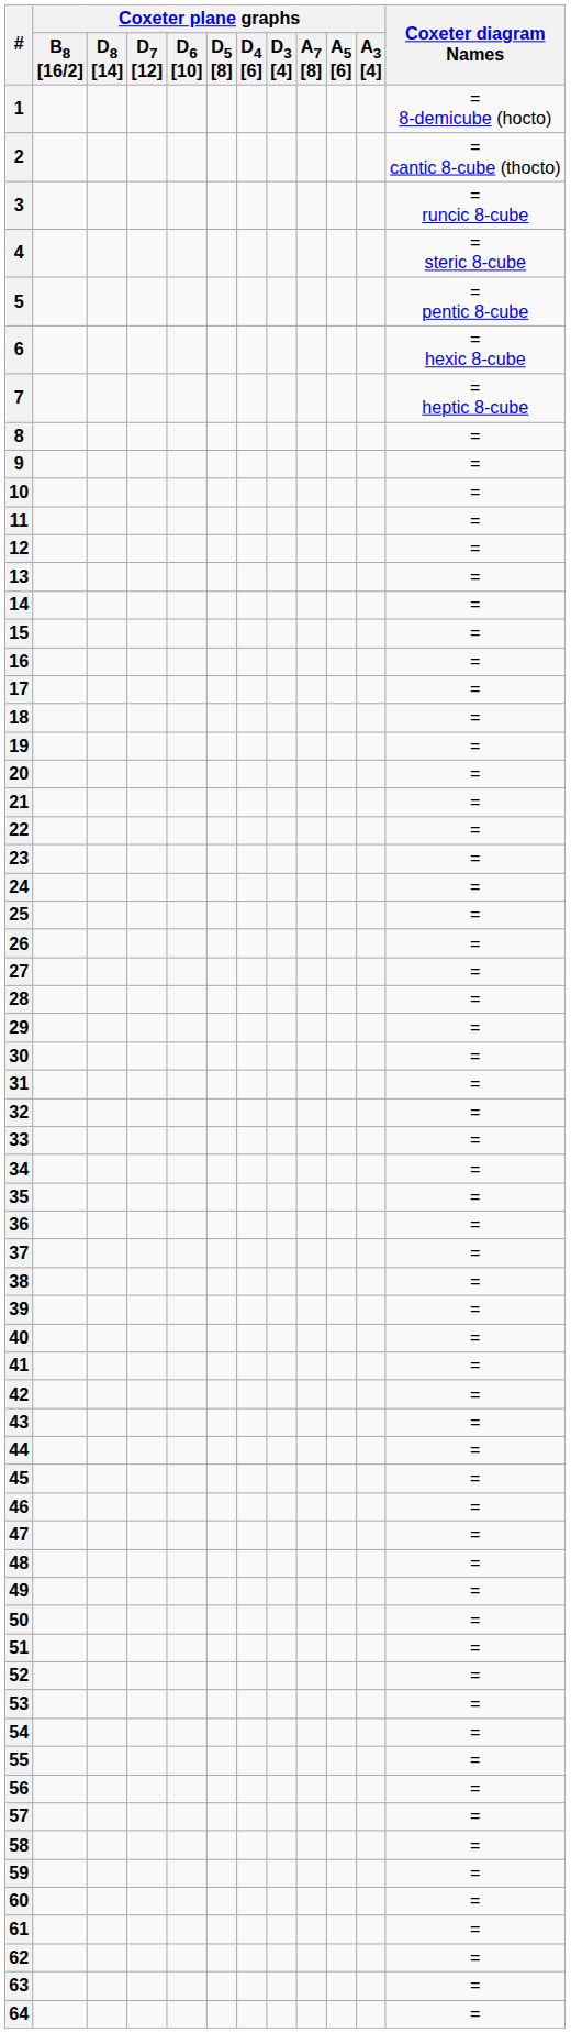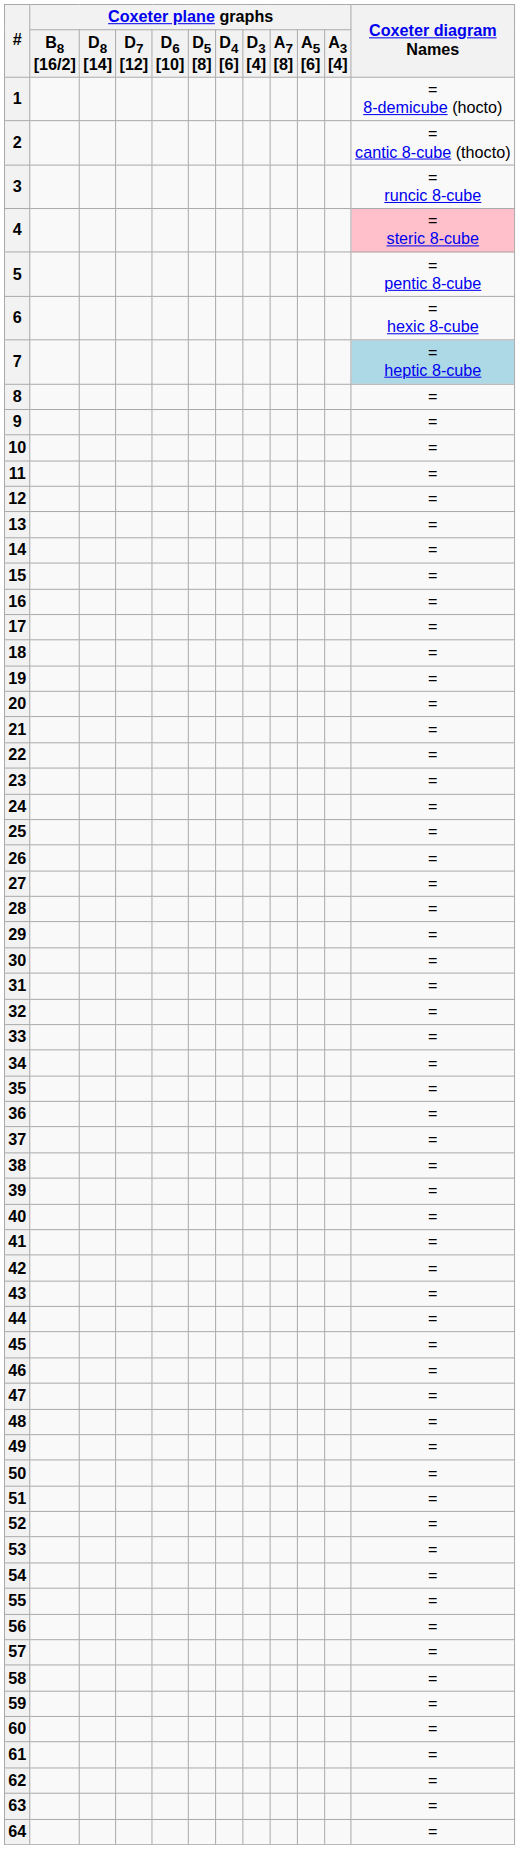 <table class="wikitable">
 <tr>
 <th rowspan=2>#</th>
 <th colspan=10><a href='#'>Coxeter plane</a> graphs</th>
 <th rowspan=2><a href='#'>Coxeter diagram</a><br>Names</th>
 </tr>
 <tr>
 <th>B<sub>8</sub><br>[16/2]</th>
 <th>D<sub>8</sub><br>[14]</th>
 <th>D<sub>7</sub><br>[12]</th>
 <th>D<sub>6</sub><br>[10]</th>
 <th>D<sub>5</sub><br>[8]</th>
 <th>D<sub>4</sub><br>[6]</th>
 <th>D<sub>3</sub><br>[4]</th>
 <th>A<sub>7</sub><br>[8]</th>
 <th>A<sub>5</sub><br>[6]</th>
 <th>A<sub>3</sub><br>[4]</th>
 </tr>
 <tr align=center>
 <th>1</th>
 <td></td>
 <td></td>
 <td></td>
 <td></td>
 <td></td>
 <td></td>
 <td></td>
 <td></td>
 <td></td>
 <td></td>
 <td> = <br><a href='#'>8-demicube</a> (hocto)</td>
 </tr>
 <tr align=center>
 <th>2</th>
 <td></td>
 <td></td>
 <td></td>
 <td></td>
 <td></td>
 <td></td>
 <td></td>
 <td></td>
 <td></td>
 <td></td>
 <td> = <br><a href='#'>cantic 8-cube</a> (thocto)</td>
 </tr>
 <tr align=center>
 <th>3</th>
 <td></td>
 <td></td>
 <td></td>
 <td></td>
 <td></td>
 <td></td>
 <td></td>
 <td></td>
 <td></td>
 <td></td>
 <td> = <br><a href='#'>runcic 8-cube</a></td>
 </tr>
 <tr align=center>
 <th>4</th>
 <td></td>
 <td></td>
 <td></td>
 <td></td>
 <td></td>
 <td></td>
 <td></td>
 <td></td>
 <td></td>
 <td></td>
-<td> = <br><a href='#'>steric 8-cube</a></td>
+<td style="background: pink;"> = <br><a href='#'>steric 8-cube</a></td>
 </tr>
 <tr align=center>
 <th>5</th>
 <td></td>
 <td></td>
 <td></td>
 <td></td>
 <td></td>
 <td></td>
 <td></td>
 <td></td>
 <td></td>
 <td></td>
 <td> = <br><a href='#'>pentic 8-cube</a></td>
 </tr>
 <tr align=center>
 <th>6</th>
 <td></td>
 <td></td>
 <td></td>
 <td></td>
 <td></td>
 <td></td>
 <td></td>
 <td></td>
 <td></td>
 <td></td>
 <td> = <br><a href='#'>hexic 8-cube</a></td>
 </tr>
 <tr align=center>
 <th>7</th>
 <td></td>
 <td></td>
 <td></td>
 <td></td>
 <td></td>
 <td></td>
 <td></td>
 <td></td>
 <td></td>
 <td></td>
-<td> = <br><a href='#'>heptic 8-cube</a></td>
+<td style="background: lightblue;"> = <br><a href='#'>heptic 8-cube</a></td>
 </tr>
 <tr align=center>
 <th>8</th>
 <td></td>
 <td></td>
 <td></td>
 <td></td>
 <td></td>
 <td></td>
 <td></td>
 <td></td>
 <td></td>
 <td></td>
 <td> = </td>
 </tr>
 <tr align=center>
 <th>9</th>
 <td></td>
 <td></td>
 <td></td>
 <td></td>
 <td></td>
 <td></td>
 <td></td>
 <td></td>
 <td></td>
 <td></td>
 <td> = </td>
 </tr>
 <tr align=center>
 <th>10</th>
 <td></td>
 <td></td>
 <td></td>
 <td></td>
 <td></td>
 <td></td>
 <td></td>
 <td></td>
 <td></td>
 <td></td>
 <td> = </td>
 </tr>
 <tr align=center>
 <th>11</th>
 <td></td>
 <td></td>
 <td></td>
 <td></td>
 <td></td>
 <td></td>
 <td></td>
 <td></td>
 <td></td>
 <td></td>
 <td> = </td>
 </tr>
 <tr align=center>
 <th>12</th>
 <td></td>
 <td></td>
 <td></td>
 <td></td>
 <td></td>
 <td></td>
 <td></td>
 <td></td>
 <td></td>
 <td></td>
 <td> = </td>
 </tr>
 <tr align=center>
 <th>13</th>
 <td></td>
 <td></td>
 <td></td>
 <td></td>
 <td></td>
 <td></td>
 <td></td>
 <td></td>
 <td></td>
 <td></td>
 <td> = </td>
 </tr>
 <tr align=center>
 <th>14</th>
 <td></td>
 <td></td>
 <td></td>
 <td></td>
 <td></td>
 <td></td>
 <td></td>
 <td></td>
 <td></td>
 <td></td>
 <td> = </td>
 </tr>
 <tr align=center>
 <th>15</th>
 <td></td>
 <td></td>
 <td></td>
 <td></td>
 <td></td>
 <td></td>
 <td></td>
 <td></td>
 <td></td>
 <td></td>
 <td> = </td>
 </tr>
 <tr align=center>
 <th>16</th>
 <td></td>
 <td></td>
 <td></td>
 <td></td>
 <td></td>
 <td></td>
 <td></td>
 <td></td>
 <td></td>
 <td></td>
 <td> = </td>
 </tr>
 <tr align=center>
 <th>17</th>
 <td></td>
 <td></td>
 <td></td>
 <td></td>
 <td></td>
 <td></td>
 <td></td>
 <td></td>
 <td></td>
 <td></td>
 <td> = </td>
 </tr>
 <tr align=center>
 <th>18</th>
 <td></td>
 <td></td>
 <td></td>
 <td></td>
 <td></td>
 <td></td>
 <td></td>
 <td></td>
 <td></td>
 <td></td>
 <td> = </td>
 </tr>
 <tr align=center>
 <th>19</th>
 <td></td>
 <td></td>
 <td></td>
 <td></td>
 <td></td>
 <td></td>
 <td></td>
 <td></td>
 <td></td>
 <td></td>
 <td> = </td>
 </tr>
 <tr align=center>
 <th>20</th>
 <td></td>
 <td></td>
 <td></td>
 <td></td>
 <td></td>
 <td></td>
 <td></td>
 <td></td>
 <td></td>
 <td></td>
 <td> = </td>
 </tr>
 <tr align=center>
 <th>21</th>
 <td></td>
 <td></td>
 <td></td>
 <td></td>
 <td></td>
 <td></td>
 <td></td>
 <td></td>
 <td></td>
 <td></td>
 <td> = </td>
 </tr>
 <tr align=center>
 <th>22</th>
 <td></td>
 <td></td>
 <td></td>
 <td></td>
 <td></td>
 <td></td>
 <td></td>
 <td></td>
 <td></td>
 <td></td>
 <td> = </td>
 </tr>
 <tr align=center>
 <th>23</th>
 <td></td>
 <td></td>
 <td></td>
 <td></td>
 <td></td>
 <td></td>
 <td></td>
 <td></td>
 <td></td>
 <td></td>
 <td> = </td>
 </tr>
 <tr align=center>
 <th>24</th>
 <td> </td>
 <td></td>
 <td></td>
 <td></td>
 <td></td>
 <td></td>
 <td></td>
 <td></td>
 <td></td>
 <td></td>
 <td> = </td>
 </tr>
 <tr align=center>
 <th>25</th>
 <td> </td>
 <td></td>
 <td></td>
 <td></td>
 <td></td>
 <td></td>
 <td></td>
 <td></td>
 <td></td>
 <td></td>
 <td> = </td>
 </tr>
 <tr align=center>
 <th>26</th>
 <td> </td>
 <td></td>
 <td></td>
 <td></td>
 <td></td>
 <td></td>
 <td></td>
 <td></td>
 <td></td>
 <td></td>
 <td> = </td>
 </tr>
 <tr align=center>
 <th>27</th>
 <td> </td>
 <td></td>
 <td></td>
 <td></td>
 <td></td>
 <td></td>
 <td></td>
 <td></td>
 <td></td>
 <td></td>
 <td> = </td>
 </tr>
 <tr align=center>
 <th>28</th>
 <td> </td>
 <td></td>
 <td></td>
 <td></td>
 <td></td>
 <td></td>
 <td></td>
 <td></td>
 <td></td>
 <td></td>
 <td> = </td>
 </tr>
 <tr align=center>
 <th>29</th>
 <td> </td>
 <td></td>
 <td></td>
 <td></td>
 <td></td>
 <td></td>
 <td></td>
 <td></td>
 <td></td>
 <td></td>
 <td> = </td>
 </tr>
 <tr align=center>
 <th>30</th>
 <td> </td>
 <td></td>
 <td></td>
 <td></td>
 <td></td>
 <td></td>
 <td></td>
 <td></td>
 <td></td>
 <td></td>
 <td> = </td>
 </tr>
 <tr align=center>
 <th>31</th>
 <td> </td>
 <td></td>
 <td></td>
 <td></td>
 <td></td>
 <td></td>
 <td></td>
 <td></td>
 <td></td>
 <td></td>
 <td> = </td>
 </tr>
 <tr align=center>
 <th>32</th>
 <td> </td>
 <td></td>
 <td></td>
 <td></td>
 <td></td>
 <td></td>
 <td></td>
 <td></td>
 <td></td>
 <td></td>
 <td> = </td>
 </tr>
 <tr align=center>
 <th>33</th>
 <td> </td>
 <td></td>
 <td></td>
 <td></td>
 <td></td>
 <td></td>
 <td></td>
 <td></td>
 <td></td>
 <td></td>
 <td> = </td>
 </tr>
 <tr align=center>
 <th>34</th>
 <td> </td>
 <td></td>
 <td></td>
 <td></td>
 <td></td>
 <td></td>
 <td></td>
 <td></td>
 <td></td>
 <td></td>
 <td> = </td>
 </tr>
 <tr align=center>
 <th>35</th>
 <td> </td>
 <td></td>
 <td></td>
 <td></td>
 <td></td>
 <td></td>
 <td></td>
 <td></td>
 <td></td>
 <td></td>
 <td> = </td>
 </tr>
 <tr align=center>
 <th>36</th>
 <td> </td>
 <td></td>
 <td></td>
 <td></td>
 <td></td>
 <td></td>
 <td></td>
 <td></td>
 <td></td>
 <td></td>
 <td> = </td>
 </tr>
 <tr align=center>
 <th>37</th>
 <td> </td>
 <td></td>
 <td></td>
 <td></td>
 <td></td>
 <td></td>
 <td></td>
 <td></td>
 <td></td>
 <td></td>
 <td> = </td>
 </tr>
 <tr align=center>
 <th>38</th>
 <td> </td>
 <td></td>
 <td></td>
 <td></td>
 <td></td>
 <td></td>
 <td></td>
 <td></td>
 <td></td>
 <td></td>
 <td> = </td>
 </tr>
 <tr align=center>
 <th>39</th>
 <td> </td>
 <td></td>
 <td></td>
 <td></td>
 <td></td>
 <td></td>
 <td></td>
 <td></td>
 <td></td>
 <td></td>
 <td> = </td>
 </tr>
 <tr align=center>
 <th>40</th>
 <td> </td>
 <td></td>
 <td></td>
 <td></td>
 <td></td>
 <td></td>
 <td></td>
 <td></td>
 <td></td>
 <td></td>
 <td> = </td>
 </tr>
 <tr align=center>
 <th>41</th>
 <td> </td>
 <td></td>
 <td></td>
 <td></td>
 <td></td>
 <td></td>
 <td></td>
 <td></td>
 <td></td>
 <td></td>
 <td> = </td>
 </tr>
 <tr align=center>
 <th>42</th>
 <td> </td>
 <td></td>
 <td></td>
 <td></td>
 <td></td>
 <td></td>
 <td></td>
 <td></td>
 <td></td>
 <td></td>
 <td> = </td>
 </tr>
 <tr align=center>
 <th>43</th>
 <td> </td>
 <td></td>
 <td></td>
 <td></td>
 <td></td>
 <td></td>
 <td></td>
 <td></td>
 <td></td>
 <td></td>
 <td> = </td>
 </tr>
 <tr align=center>
 <th>44</th>
 <td> </td>
 <td></td>
 <td></td>
 <td></td>
 <td></td>
 <td></td>
 <td></td>
 <td></td>
 <td></td>
 <td></td>
 <td> = </td>
 </tr>
 <tr align=center>
 <th>45</th>
 <td> </td>
 <td></td>
 <td></td>
 <td></td>
 <td></td>
 <td></td>
 <td></td>
 <td></td>
 <td></td>
 <td></td>
 <td> = </td>
 </tr>
 <tr align=center>
 <th>46</th>
 <td> </td>
 <td></td>
 <td></td>
 <td></td>
 <td></td>
 <td></td>
 <td></td>
 <td></td>
 <td></td>
 <td></td>
 <td> = </td>
 </tr>
 <tr align=center>
 <th>47</th>
 <td> </td>
 <td></td>
 <td></td>
 <td></td>
 <td></td>
 <td></td>
 <td></td>
 <td></td>
 <td></td>
 <td></td>
 <td> = </td>
 </tr>
 <tr align=center>
 <th>48</th>
 <td> </td>
 <td></td>
 <td></td>
 <td></td>
 <td></td>
 <td></td>
 <td></td>
 <td></td>
 <td></td>
 <td></td>
 <td> = </td>
 </tr>
 <tr align=center>
 <th>49</th>
 <td> </td>
 <td></td>
 <td></td>
 <td></td>
 <td></td>
 <td></td>
 <td></td>
 <td></td>
 <td></td>
 <td></td>
 <td> = </td>
 </tr>
 <tr align=center>
 <th>50</th>
 <td> </td>
 <td></td>
 <td></td>
 <td></td>
 <td></td>
 <td></td>
 <td></td>
 <td></td>
 <td></td>
 <td></td>
 <td> = </td>
 </tr>
 <tr align=center>
 <th>51</th>
 <td> </td>
 <td></td>
 <td></td>
 <td></td>
 <td></td>
 <td></td>
 <td></td>
 <td></td>
 <td></td>
 <td></td>
 <td> = </td>
 </tr>
 <tr align=center>
 <th>52</th>
 <td> </td>
 <td></td>
 <td></td>
 <td></td>
 <td></td>
 <td></td>
 <td></td>
 <td></td>
 <td></td>
 <td></td>
 <td> = </td>
 </tr>
 <tr align=center>
 <th>53</th>
 <td> </td>
 <td></td>
 <td></td>
 <td></td>
 <td></td>
 <td></td>
 <td></td>
 <td></td>
 <td></td>
 <td></td>
 <td> = </td>
 </tr>
 <tr align=center>
 <th>54</th>
 <td> </td>
 <td></td>
 <td></td>
 <td></td>
 <td></td>
 <td></td>
 <td></td>
 <td></td>
 <td></td>
 <td></td>
 <td> = </td>
 </tr>
 <tr align=center>
 <th>55</th>
 <td> </td>
 <td></td>
 <td></td>
 <td></td>
 <td></td>
 <td></td>
 <td></td>
 <td></td>
 <td></td>
 <td></td>
 <td> = </td>
 </tr>
 <tr align=center>
 <th>56</th>
 <td> </td>
 <td></td>
 <td></td>
 <td></td>
 <td></td>
 <td></td>
 <td></td>
 <td></td>
 <td></td>
 <td></td>
 <td> = </td>
 </tr>
 <tr align=center>
 <th>57</th>
 <td> </td>
 <td></td>
 <td></td>
 <td></td>
 <td></td>
 <td></td>
 <td></td>
 <td></td>
 <td></td>
 <td></td>
 <td> = </td>
 </tr>
 <tr align=center>
 <th>58</th>
 <td> </td>
 <td></td>
 <td></td>
 <td></td>
 <td></td>
 <td></td>
 <td></td>
 <td></td>
 <td></td>
 <td></td>
 <td> = </td>
 </tr>
 <tr align=center>
 <th>59</th>
 <td> </td>
 <td></td>
 <td></td>
 <td></td>
 <td></td>
 <td></td>
 <td></td>
 <td></td>
 <td></td>
 <td></td>
 <td> = </td>
 </tr>
 <tr align=center>
 <th>60</th>
 <td> </td>
 <td></td>
 <td></td>
 <td></td>
 <td></td>
 <td></td>
 <td></td>
 <td></td>
 <td></td>
 <td></td>
 <td> = </td>
 </tr>
 <tr align=center>
 <th>61</th>
 <td> </td>
 <td></td>
 <td></td>
 <td></td>
 <td></td>
 <td></td>
 <td></td>
 <td></td>
 <td></td>
 <td></td>
 <td> = </td>
 </tr>
 <tr align=center>
 <th>62</th>
 <td> </td>
 <td></td>
 <td></td>
 <td></td>
 <td></td>
 <td></td>
 <td></td>
 <td></td>
 <td></td>
 <td></td>
 <td> = </td>
 </tr>
 <tr align=center>
 <th>63</th>
 <td> </td>
 <td></td>
 <td></td>
 <td></td>
 <td></td>
 <td></td>
 <td></td>
 <td></td>
 <td></td>
 <td></td>
 <td> = </td>
 </tr>
 <tr align=center>
 <th>64</th>
 <td> </td>
 <td></td>
 <td></td>
 <td></td>
 <td></td>
 <td></td>
 <td></td>
 <td></td>
 <td></td>
 <td></td>
 <td> = </td>
 </tr>
 </table>
